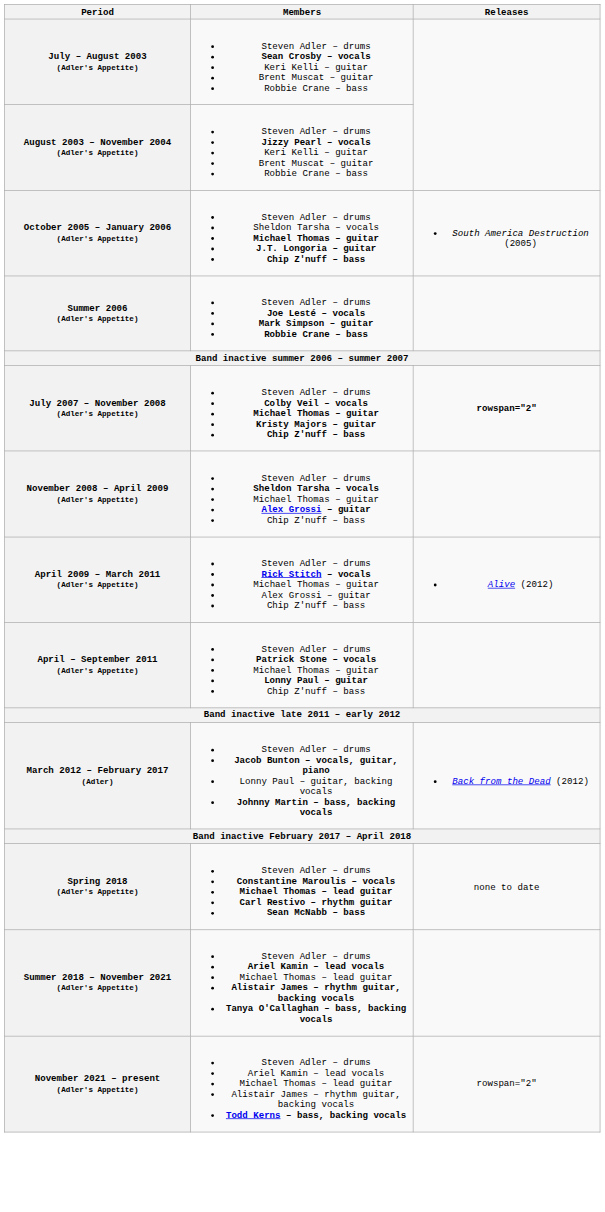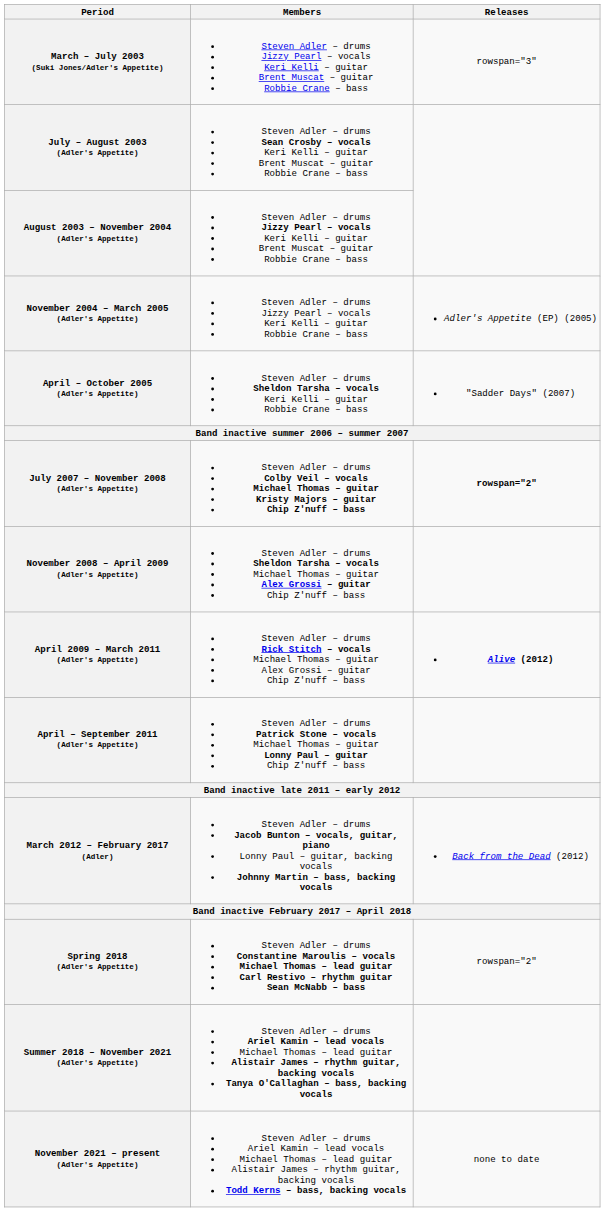 <table class="wikitable plainrowheaders" style="text-align:center;">
 <tr>
 <th scope="col" style="width:20em;">Period</th>
 <th scope="col" style="width:24em;">Members</th>
 <th scope="col" style="width:20em;">Releases</th>
+</tr>
+<tr>
+<th scope="col">March – July 2003<br><small>(Suki Jones/Adler's Appetite)</small></th>
+<td><br><ul><li><a href='#'>Steven Adler</a> – drums</li><li><a href='#'>Jizzy Pearl</a> – vocals</li><li><a href='#'>Keri Kelli</a> – guitar</li><li><a href='#'>Brent Muscat</a> – guitar</li><li><a href='#'>Robbie Crane</a> – bass</li></ul></td>
+<td>rowspan="3" </td>
 </tr>
 <tr>
 <th scope="col">July – August 2003<br><small>(Adler's Appetite)</small></th>
 <td><br><ul><li>Steven Adler – drums</li><li><strong>Sean Crosby – vocals</strong></li><li>Keri Kelli – guitar</li><li>Brent Muscat – guitar</li><li>Robbie Crane – bass</li></ul></td>
 </tr>
 <tr>
 <th scope="col">August 2003 – November 2004<br><small>(Adler's Appetite)</small></th>
 <td><br><ul><li>Steven Adler – drums</li><li><strong>Jizzy Pearl – vocals</strong></li><li>Keri Kelli – guitar</li><li>Brent Muscat – guitar</li><li>Robbie Crane – bass</li></ul></td>
 </tr>
 <tr>
-<th scope="col">October 2005 – January 2006<br><small>(Adler's Appetite)</small></th>
-<td><br><ul><li>Steven Adler – drums</li><li>Sheldon Tarsha – vocals</li><li><strong>Michael Thomas – guitar</strong></li><li><strong>J.T. Longoria – guitar</strong></li><li><strong>Chip Z'nuff – bass</strong></li></ul></td>
-<td><br><ul><li><em>South America Destruction</em> (2005)</li></ul></td>
+<th scope="col">November 2004 – March 2005<br><small>(Adler's Appetite)</small></th>
+<td><br><ul><li>Steven Adler – drums</li><li>Jizzy Pearl – vocals</li><li>Keri Kelli – guitar</li><li>Robbie Crane – bass</li></ul></td>
+<td><br><ul><li><em>Adler's Appetite</em> (EP) (2005)</li></ul></td>
 </tr>
 <tr>
-<th scope="col">Summer 2006<br><small>(Adler's Appetite)</small></th>
-<td><br><ul><li>Steven Adler – drums</li><li><strong>Joe Lesté – vocals</strong></li><li><strong>Mark Simpson – guitar</strong></li><li><strong>Robbie Crane – bass</strong></li></ul></td>
-<td></td>
+<th scope="col">April – October 2005<br><small>(Adler's Appetite)</small></th>
+<td><br><ul><li>Steven Adler – drums</li><li><strong>Sheldon Tarsha – vocals</strong></li><li>Keri Kelli – guitar</li><li>Robbie Crane – bass</li></ul></td>
+<td><br><ul><li>"Sadder Days" (2007)</li></ul></td>
 </tr>
 <tr>
 <th scope="col" colspan="3">Band inactive summer 2006 – summer 2007</th>
 </tr>
 <tr>
 <th scope="col">July 2007 – November 2008<br><small>(Adler's Appetite)</small></th>
 <td><br><ul><li>Steven Adler – drums</li><li><strong>Colby Veil – vocals</strong></li><li><strong>Michael Thomas – guitar</strong></li><li><strong>Kristy Majors – guitar</strong></li><li><strong>Chip Z'nuff – bass</strong></li></ul></td>
 <td><strong>rowspan="2" </strong></td>
 </tr>
 <tr>
 <th scope="col">November 2008 – April 2009<br><small>(Adler's Appetite)</small></th>
 <td><br><ul><li>Steven Adler – drums</li><li><strong>Sheldon Tarsha – vocals</strong></li><li>Michael Thomas – guitar</li><li><strong><a href='#'>Alex Grossi</a> – guitar</strong></li><li>Chip Z'nuff – bass</li></ul></td>
 </tr>
 <tr>
 <th scope="col">April 2009 – March 2011<br><small>(Adler's Appetite)</small></th>
 <td><br><ul><li>Steven Adler – drums</li><li><strong><a href='#'>Rick Stitch</a> – vocals</strong></li><li>Michael Thomas – guitar</li><li>Alex Grossi – guitar</li><li>Chip Z'nuff – bass</li></ul></td>
-<td><br><ul><li><em><a href='#'>Alive</a></em> (2012)</li></ul></td>
+<td><strong><br><ul><li><em><a href='#'>Alive</a></em> (2012)</li></ul></strong></td>
 </tr>
 <tr>
 <th scope="col">April – September 2011<br><small>(Adler's Appetite)</small></th>
 <td><br><ul><li>Steven Adler – drums</li><li><strong>Patrick Stone – vocals</strong></li><li>Michael Thomas – guitar</li><li><strong>Lonny Paul – guitar</strong></li><li>Chip Z'nuff – bass</li></ul></td>
 <td></td>
 </tr>
 <tr>
 <th scope="col" colspan="3">Band inactive late 2011 – early 2012</th>
 </tr>
 <tr>
 <th scope="col">March 2012 – February 2017<br><small>(Adler)</small></th>
 <td><br><ul><li>Steven Adler – drums</li><li><strong>Jacob Bunton – vocals, guitar, piano</strong></li><li>Lonny Paul – guitar, backing vocals</li><li><strong>Johnny Martin – bass, backing vocals</strong></li></ul></td>
 <td><br><ul><li><em><a href='#'>Back from the Dead</a></em> (2012)</li></ul></td>
 </tr>
 <tr>
 <th scope="col" colspan="3">Band inactive February 2017 – April 2018</th>
 </tr>
 <tr>
 <th scope="col">Spring 2018<br><small>(Adler's Appetite)</small></th>
 <td><br><ul><li>Steven Adler – drums</li><li><strong>Constantine Maroulis – vocals</strong></li><li><strong>Michael Thomas – lead guitar</strong></li><li><strong>Carl Restivo – rhythm guitar</strong></li><li><strong>Sean McNabb – bass</strong></li></ul></td>
-<td>none to date</td>
+<td>rowspan="2" </td>
 </tr>
 <tr>
 <th scope="col">Summer 2018 – November 2021<br><small>(Adler's Appetite)</small></th>
 <td><br><ul><li>Steven Adler – drums</li><li><strong>Ariel Kamin – lead vocals</strong></li><li>Michael Thomas – lead guitar</li><li><strong>Alistair James – rhythm guitar, backing vocals</strong></li><li><strong>Tanya O'Callaghan – bass, backing vocals</strong></li></ul></td>
 </tr>
 <tr>
 <th rowspan=2 scope="col">November 2021 – present<br><small>(Adler's Appetite)</small></th>
 <td><br><ul><li>Steven Adler – drums</li><li>Ariel Kamin – lead vocals</li><li>Michael Thomas – lead guitar</li><li>Alistair James – rhythm guitar, backing vocals</li><li><strong><a href='#'>Todd Kerns</a> – bass, backing vocals</strong></li></ul></td>
-<td>rowspan="2" </td>
+<td>none to date</td>
 </tr>
 </table>
